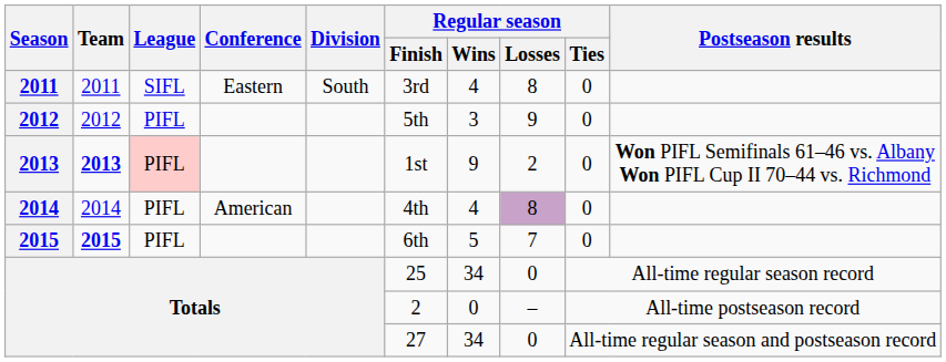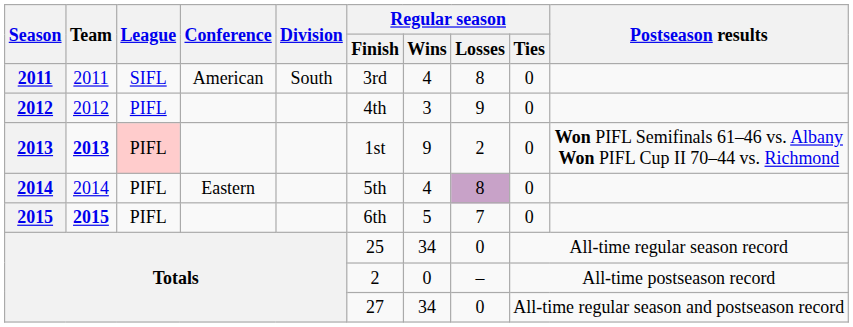 <table class="wikitable" style="font-size: 95%; text-align:center;">
 <tr>
 <th rowspan="2"><a href='#'>Season</a></th>
 <th rowspan="2">Team</th>
 <th rowspan="2"><a href='#'>League</a></th>
 <th rowspan="2"><a href='#'>Conference</a></th>
 <th rowspan="2"><a href='#'>Division</a></th>
 <th colspan="4"><a href='#'>Regular season</a></th>
 <th rowspan="2"><a href='#'>Postseason</a> results</th>
 </tr>
 <tr>
 <th>Finish</th>
 <th>Wins</th>
 <th>Losses</th>
 <th>Ties</th>
 </tr>
 <tr>
 <th><a href='#'>2011</a></th>
 <td style="text-align:center;"><a href='#'>2011</a></td>
 <td><a href='#'>SIFL</a></td>
-<td>Eastern</td>
+<td>American</td>
 <td>South</td>
 <td>3rd</td>
 <td>4</td>
 <td>8</td>
 <td>0</td>
 <td></td>
 </tr>
 <tr>
 <th><a href='#'>2012</a></th>
 <td style="text-align:center;"><a href='#'>2012</a></td>
 <td><a href='#'>PIFL</a></td>
 <td></td>
 <td></td>
-<td>5th</td>
+<td>4th</td>
 <td>3</td>
 <td>9</td>
 <td>0</td>
 <td></td>
 </tr>
 <tr>
 <th><a href='#'>2013</a></th>
 <td style="text-align:center;"><strong><a href='#'>2013</a></strong></td>
 <td style="text-align:center;background:#fcc;">PIFL</td>
 <td></td>
 <td></td>
 <td>1st</td>
 <td>9</td>
 <td>2</td>
 <td>0</td>
 <td><strong>Won</strong> PIFL Semifinals 61–46 vs. <a href='#'>Albany</a><br><strong>Won</strong> PIFL Cup II 70–44 vs. <a href='#'>Richmond</a></td>
 </tr>
 <tr>
 <th><a href='#'>2014</a></th>
 <td style="text-align:center;"><a href='#'>2014</a></td>
 <td>PIFL</td>
-<td>American</td>
+<td>Eastern</td>
 <td></td>
-<td>4th</td>
+<td>5th</td>
 <td>4</td>
 <td style="text-align:center;background:#c8a2c8;">8</td>
 <td>0</td>
 <td></td>
 </tr>
 <tr>
 <th><a href='#'>2015</a></th>
 <td style="text-align:center;"><strong><a href='#'>2015</a></strong></td>
 <td>PIFL</td>
 <td></td>
 <td></td>
 <td>6th</td>
 <td>5</td>
 <td>7</td>
 <td>0</td>
 <td></td>
 </tr>
 <tr>
 <th rowspan="5" colspan="5">Totals</th>
 <td>25</td>
 <td>34</td>
 <td>0</td>
 <td colspan="3">All-time regular season record</td>
 </tr>
 <tr style="text-align:center;">
 <td>2</td>
 <td>0</td>
 <td>–</td>
 <td colspan="3">All-time postseason record</td>
 </tr>
 <tr>
 <td>27</td>
 <td>34</td>
 <td>0</td>
 <td colspan="3">All-time regular season and postseason record</td>
 </tr>
 </table>
